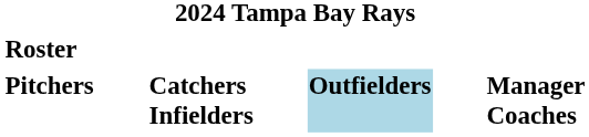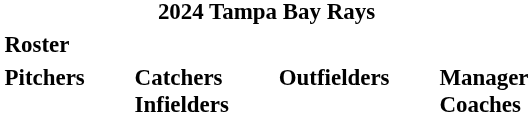 <table class="toccolours" style="font-size: 95%;">
 <tr>
 <th colspan="10">2024 Tampa Bay Rays</th>
 </tr>
 <tr>
 <td colspan="10"><strong>Roster</strong></td>
 </tr>
 <tr>
 <td valign="top"><strong>Pitchers</strong><br>                            </td>
 <td style="width:25px;"></td>
 <td valign="top"><strong>Catchers</strong><br>     <strong>Infielders</strong>           </td>
 <td style="width:25px;"></td>
-<td valign="top" style="background: lightblue;"><strong>Outfielders</strong><br>        </td>
+<td valign="top"><strong>Outfielders</strong><br>        </td>
 <td style="width:25px;"></td>
 <td valign="top"><strong>Manager</strong><br> <strong>Coaches</strong>                      </td>
 </tr>
 </table>
